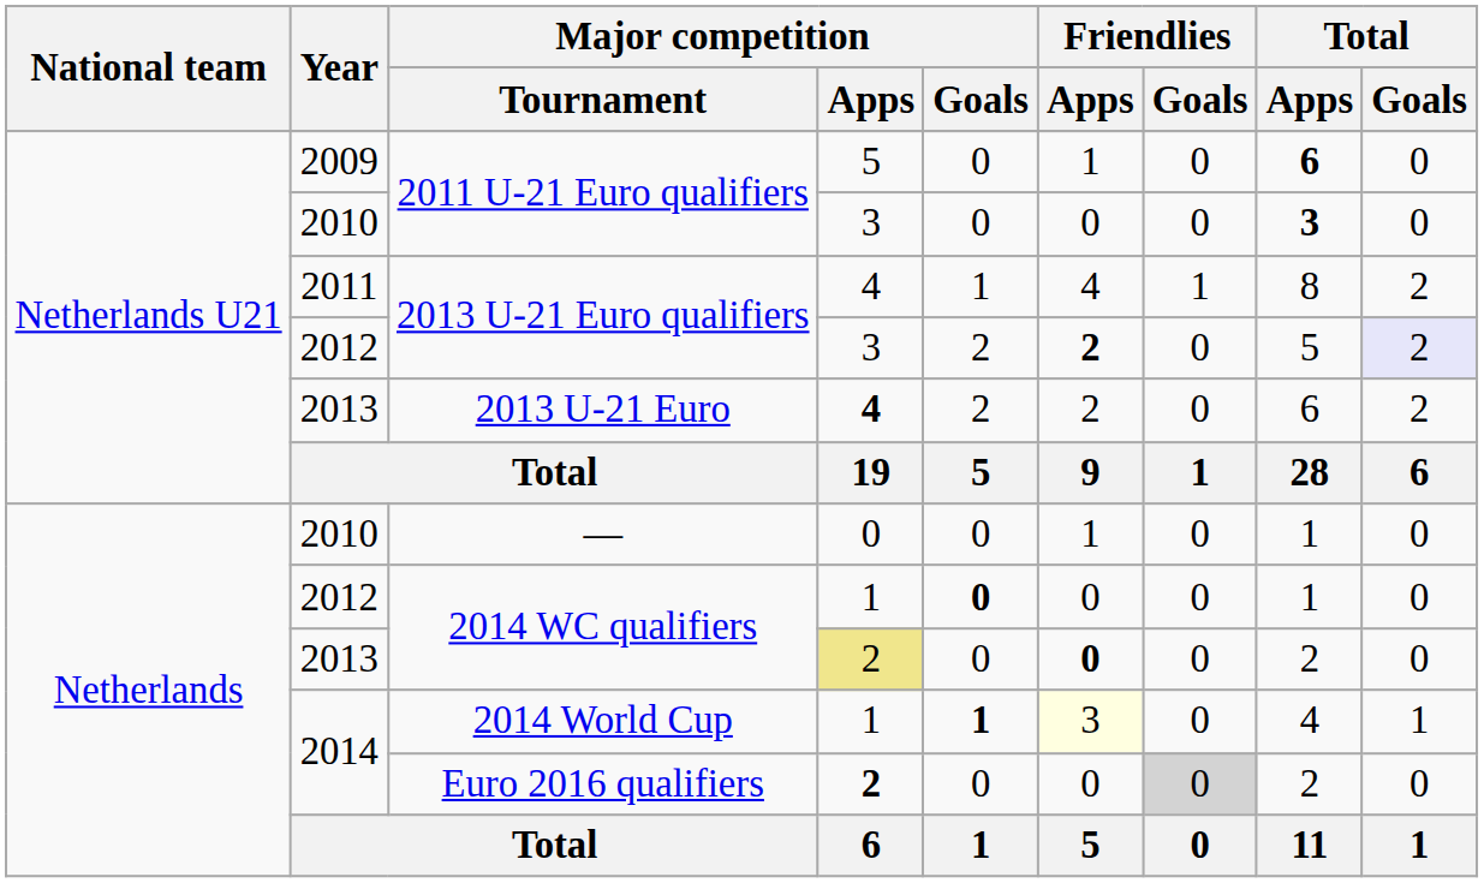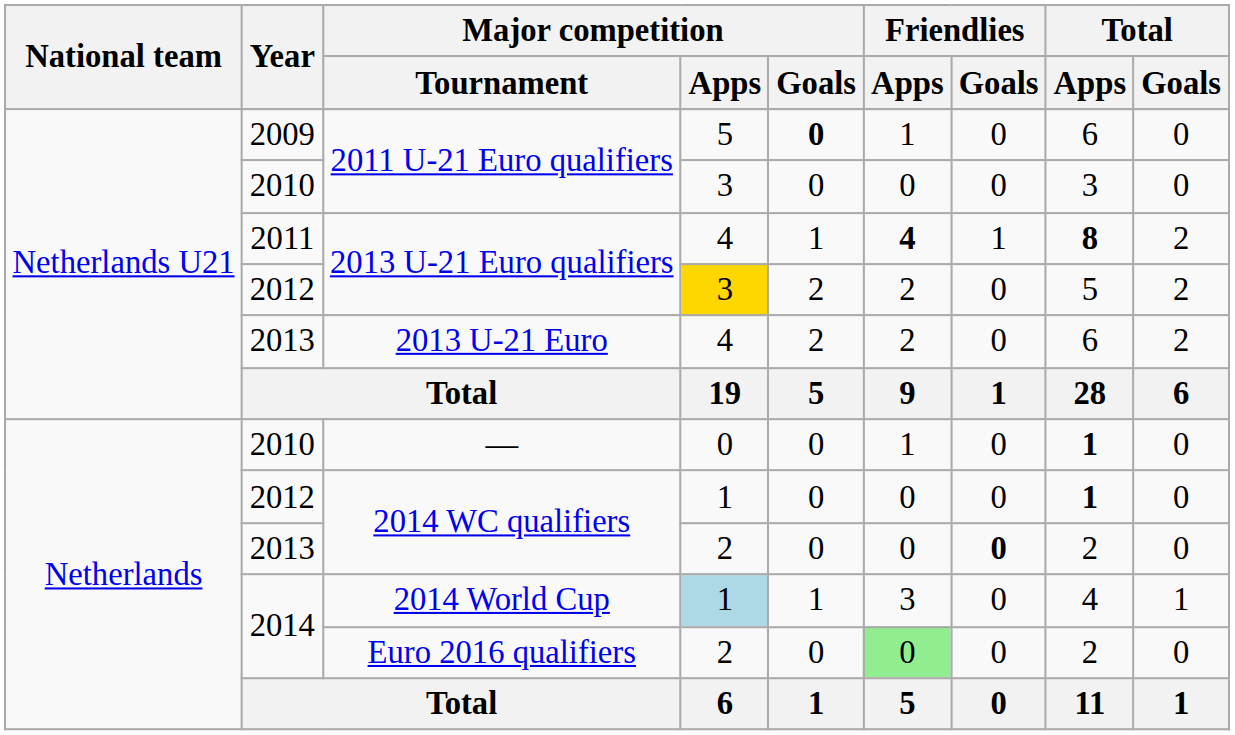 <table class="wikitable" style="font-size:100%; text-align: center">
 <tr>
 <th rowspan=2>National team</th>
 <th rowspan=2>Year</th>
 <th colspan=3>Major competition</th>
 <th colspan=2>Friendlies</th>
 <th colspan=2>Total</th>
 </tr>
 <tr>
 <th>Tournament</th>
 <th>Apps</th>
 <th>Goals</th>
 <th>Apps</th>
 <th>Goals</th>
 <th>Apps</th>
 <th>Goals</th>
 </tr>
 <tr>
 <td rowspan=7 style="vertical-align:center;"><a href='#'>Netherlands U21</a></td>
 </tr>
 <tr>
 <td>2009</td>
 <td rowspan=2><a href='#'>2011 U-21 Euro qualifiers</a></td>
 <td>5</td>
-<td>0</td>
+<td><strong>0</strong></td>
 <td>1</td>
 <td>0</td>
-<td><strong>6</strong></td>
+<td>6</td>
 <td>0</td>
 </tr>
 <tr>
 <td>2010</td>
 <td>3</td>
 <td>0</td>
 <td>0</td>
 <td>0</td>
-<td><strong>3</strong></td>
+<td>3</td>
 <td>0</td>
 </tr>
 <tr>
 <td>2011</td>
 <td rowspan=2><a href='#'>2013 U-21 Euro qualifiers</a></td>
 <td>4</td>
 <td>1</td>
-<td>4</td>
+<td><strong>4</strong></td>
 <td>1</td>
-<td>8</td>
+<td><strong>8</strong></td>
 <td>2</td>
 </tr>
 <tr>
 <td>2012</td>
-<td>3</td>
+<td style="background: gold;">3</td>
 <td>2</td>
-<td><strong>2</strong></td>
+<td>2</td>
 <td>0</td>
 <td>5</td>
-<td style="background: lavender;">2</td>
+<td>2</td>
 </tr>
 <tr>
 <td>2013</td>
 <td><a href='#'>2013 U-21 Euro</a></td>
-<td><strong>4</strong></td>
+<td>4</td>
 <td>2</td>
 <td>2</td>
 <td>0</td>
 <td>6</td>
 <td>2</td>
 </tr>
 <tr>
 <th colspan=2>Total</th>
 <th>19</th>
 <th>5</th>
 <th>9</th>
 <th>1</th>
 <th>28</th>
 <th>6</th>
 </tr>
 <tr>
 <td rowspan=6 style="vertical-align:center;"><a href='#'>Netherlands</a></td>
 <td>2010</td>
 <td>—</td>
 <td>0</td>
 <td>0</td>
 <td>1</td>
 <td>0</td>
-<td>1</td>
+<td><strong>1</strong></td>
 <td>0</td>
 </tr>
 <tr>
 <td>2012</td>
 <td rowspan=2><a href='#'>2014 WC qualifiers</a></td>
 <td>1</td>
-<td><strong>0</strong></td>
 <td>0</td>
 <td>0</td>
-<td>1</td>
+<td>0</td>
+<td><strong>1</strong></td>
 <td>0</td>
 </tr>
 <tr>
 <td>2013</td>
-<td style="background: khaki;">2</td>
+<td>2</td>
+<td>0</td>
 <td>0</td>
 <td><strong>0</strong></td>
-<td>0</td>
 <td>2</td>
 <td>0</td>
 </tr>
 <tr>
 <td rowspan=2>2014</td>
 <td><a href='#'>2014 World Cup</a></td>
+<td style="background: lightblue;">1</td>
 <td>1</td>
-<td><strong>1</strong></td>
-<td style="background: lightyellow;">3</td>
+<td>3</td>
 <td>0</td>
 <td>4</td>
 <td>1</td>
 </tr>
 <tr>
 <td><a href='#'>Euro 2016 qualifiers</a></td>
-<td><strong>2</strong></td>
+<td>2</td>
 <td>0</td>
+<td style="background: lightgreen;">0</td>
 <td>0</td>
-<td style="background: lightgrey;">0</td>
 <td>2</td>
 <td>0</td>
 </tr>
 <tr>
 <th colspan=2>Total</th>
 <th>6</th>
 <th>1</th>
 <th>5</th>
 <th>0</th>
 <th>11</th>
 <th>1</th>
 </tr>
 </table>
